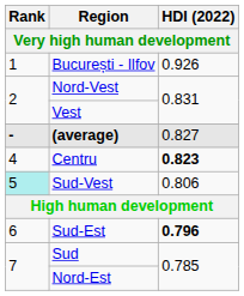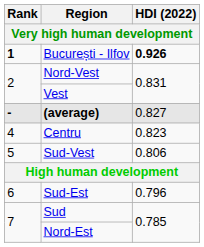 <table class="wikitable sortable">
 <tr>
 <th>Rank</th>
 <th>Region</th>
 <th>HDI (2022)</th>
 </tr>
 <tr>
 <th colspan="3" style="color:#090;">Very high human development</th>
 </tr>
 <tr>
-<td>1</td>
+<td><strong>1</strong></td>
 <td><a href='#'>București - Ilfov</a></td>
-<td>0.926</td>
+<td><strong>0.926</strong></td>
 </tr>
 <tr>
 <td rowspan="2">2</td>
 <td><a href='#'>Nord-Vest</a></td>
 <td rowspan="2">0.831</td>
 </tr>
 <tr>
 <td><a href='#'>Vest</a></td>
 </tr>
 <tr style="background:#e6e6e6">
 <td><strong>-</strong></td>
 <td><strong> (average)</strong></td>
 <td>0.827</td>
 </tr>
 <tr>
 <td>4</td>
 <td><a href='#'>Centru</a></td>
-<td><strong>0.823</strong></td>
+<td>0.823</td>
 </tr>
 <tr>
-<td style="background: paleturquoise;">5</td>
+<td>5</td>
 <td><a href='#'>Sud-Vest</a></td>
 <td>0.806</td>
 </tr>
 <tr>
 <th colspan="3" style="color:#0c0;">High human development</th>
 </tr>
 <tr>
 <td>6</td>
 <td><a href='#'>Sud-Est</a></td>
-<td><strong>0.796</strong></td>
+<td>0.796</td>
 </tr>
 <tr>
 <td rowspan="2">7</td>
 <td><a href='#'>Sud</a></td>
 <td rowspan="2">0.785</td>
 </tr>
 <tr>
 <td><a href='#'>Nord-Est</a></td>
 </tr>
 </table>
